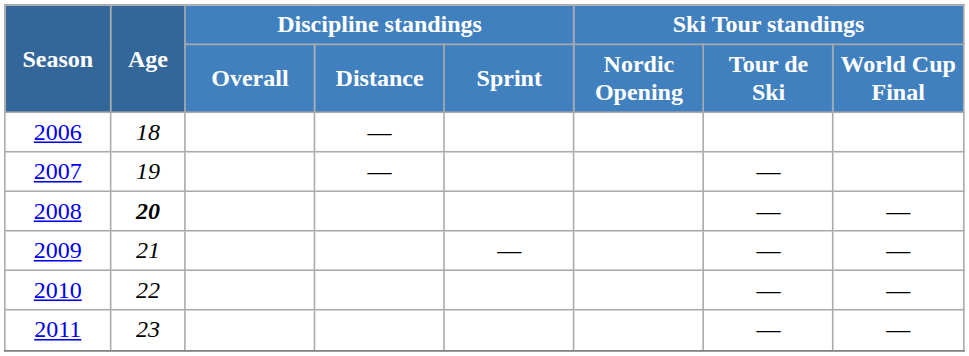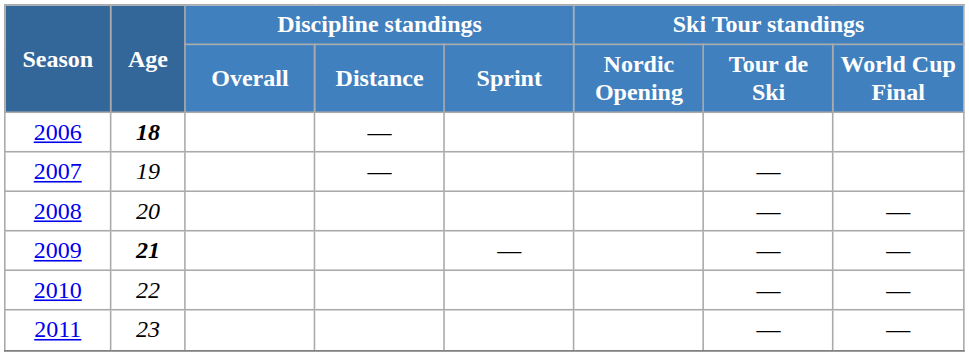 <table class="wikitable" style="font-size:95%; text-align:center; border:grey solid 1px; border-collapse:collapse; background:#ffffff;">
 <tr>
 <th style="background-color:#369; color:white; width:60px;" rowspan="2"> Season </th>
 <th style="background-color:#369; color:white; width:40px;" rowspan="2"> Age </th>
 <th style="background-color:#4180be; color:white;" colspan="3">Discipline standings</th>
 <th style="background-color:#4180be; color:white;" colspan="3">Ski Tour standings</th>
 </tr>
 <tr>
 <th style="background-color:#4180be; color:white; width:75px;">Overall</th>
 <th style="background-color:#4180be; color:white; width:75px;">Distance</th>
 <th style="background-color:#4180be; color:white; width:75px;">Sprint</th>
 <th style="background-color:#4180be; color:white; width:75px;">Nordic<br>Opening</th>
 <th style="background-color:#4180be; color:white; width:75px;">Tour de<br>Ski</th>
 <th style="background-color:#4180be; color:white; width:75px;">World Cup<br>Final</th>
 </tr>
 <tr>
 <td><a href='#'>2006</a></td>
-<td><em>18</em></td>
+<td><strong><em>18</em></strong></td>
 <td></td>
 <td>—</td>
 <td></td>
 <td></td>
 <td></td>
 <td></td>
 </tr>
 <tr>
 <td><a href='#'>2007</a></td>
 <td><em>19</em></td>
 <td></td>
 <td>—</td>
 <td></td>
 <td></td>
 <td>—</td>
 <td></td>
 </tr>
 <tr>
 <td><a href='#'>2008</a></td>
-<td><strong><em>20</em></strong></td>
+<td><em>20</em></td>
 <td></td>
 <td></td>
 <td></td>
 <td></td>
 <td>—</td>
 <td>—</td>
 </tr>
 <tr>
 <td><a href='#'>2009</a></td>
-<td><em>21</em></td>
+<td><strong><em>21</em></strong></td>
 <td></td>
 <td></td>
 <td>—</td>
 <td></td>
 <td>—</td>
 <td>—</td>
 </tr>
 <tr>
 <td><a href='#'>2010</a></td>
 <td><em>22</em></td>
 <td></td>
 <td></td>
 <td></td>
 <td></td>
 <td>—</td>
 <td>—</td>
 </tr>
 <tr>
 <td><a href='#'>2011</a></td>
 <td><em>23</em></td>
 <td></td>
 <td></td>
 <td></td>
 <td></td>
 <td>—</td>
 <td>—</td>
 </tr>
 <tr>
 </tr>
 </table>
